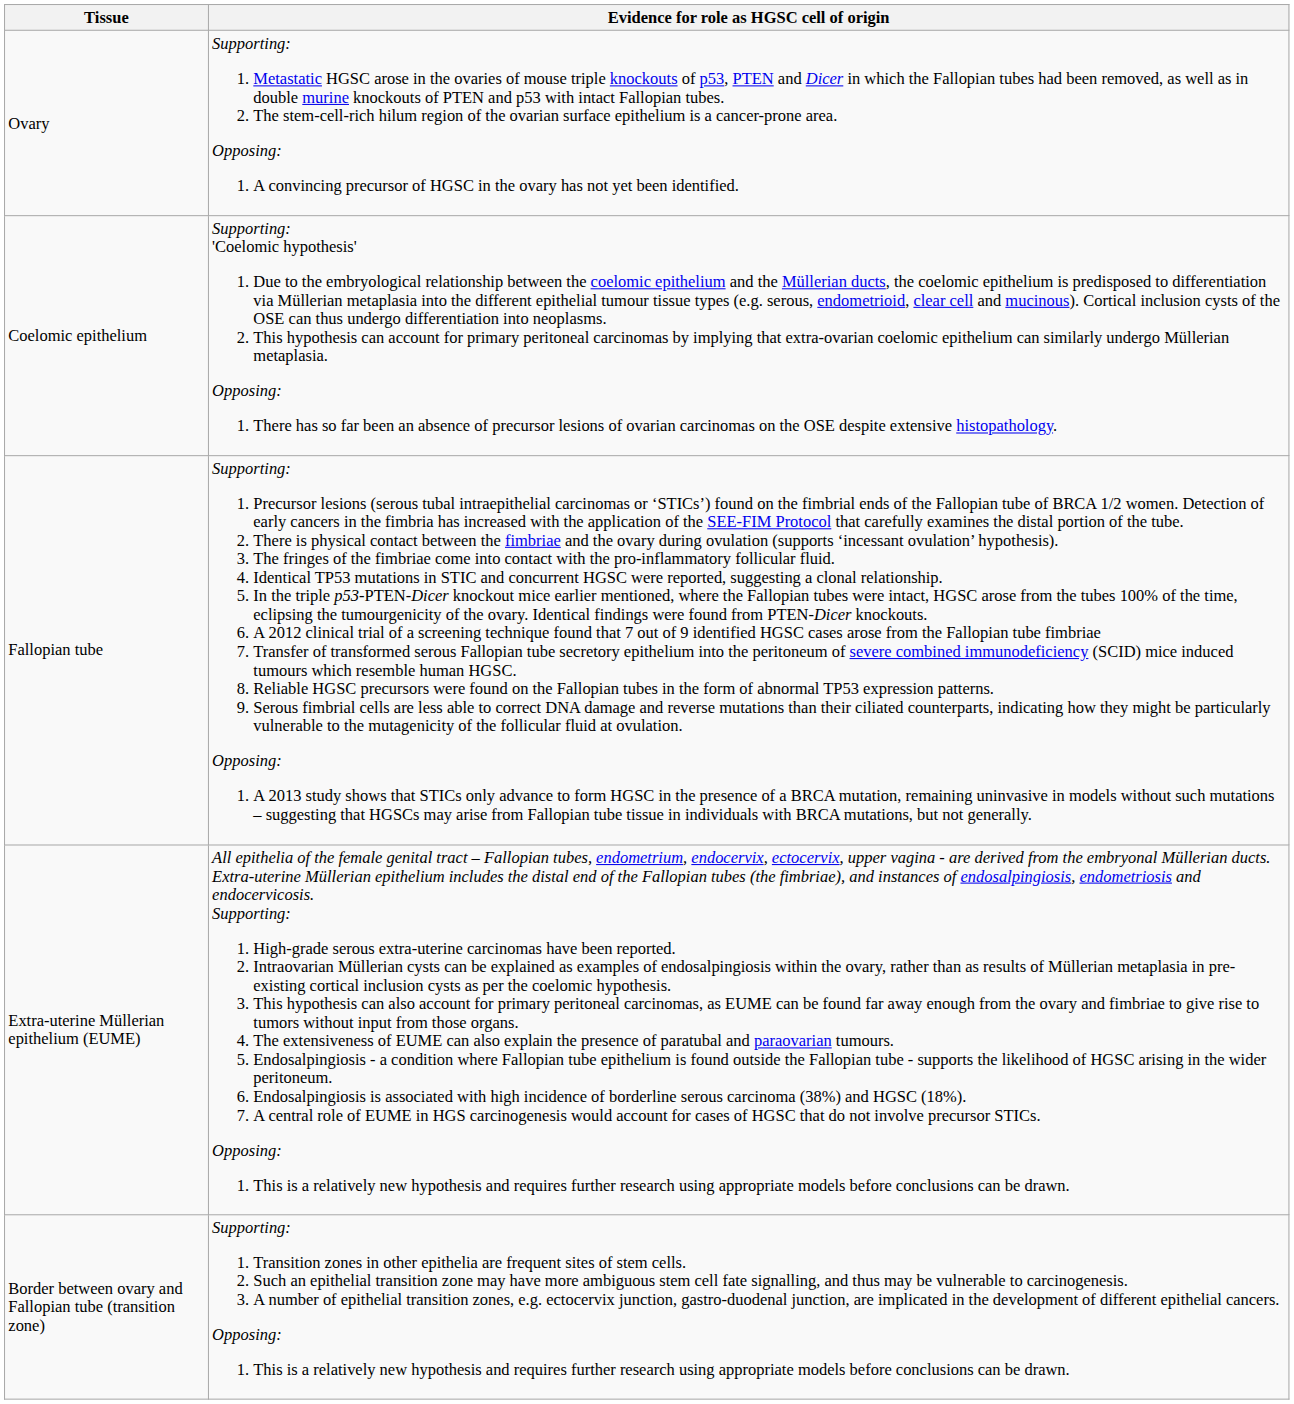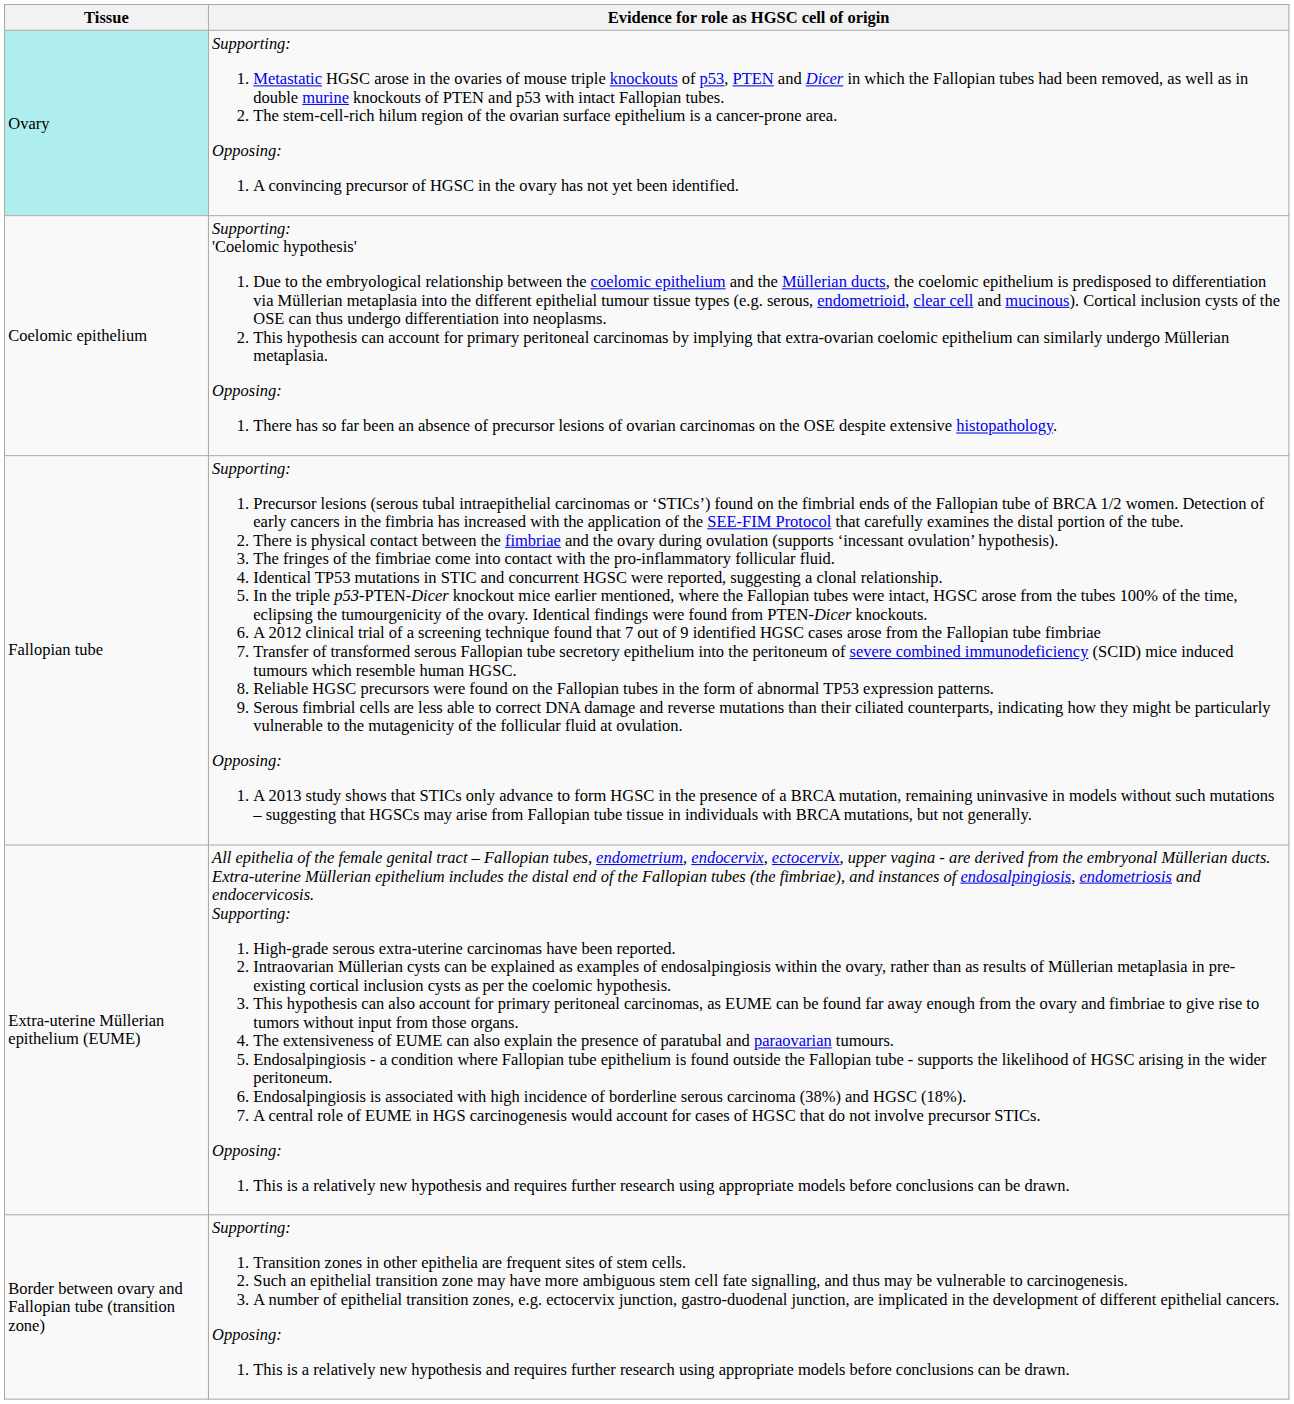 <table class="wikitable">
 <tr>
 <th>Tissue</th>
 <th>Evidence for role as HGSC cell of origin</th>
 </tr>
 <tr>
-<td>Ovary</td>
+<td style="background: paleturquoise;">Ovary</td>
 <td><em>Supporting:</em><br><ol><li><a href='#'>Metastatic</a> HGSC arose in the ovaries of mouse triple <a href='#'>knockouts</a> of <a href='#'>p53</a>, <a href='#'>PTEN</a> and <em><a href='#'>Dicer</a></em> in which the Fallopian tubes had been removed, as well as in double <a href='#'>murine</a> knockouts of PTEN and p53 with intact Fallopian tubes.</li><li>The stem-cell-rich hilum region of the ovarian surface epithelium is a cancer-prone area.</li></ol><em>Opposing:</em><ol><li>A convincing precursor of HGSC in the ovary has not yet been identified.</li></ol></td>
 </tr>
 <tr>
 <td>Coelomic epithelium</td>
 <td><em>Supporting:</em><br>'Coelomic hypothesis' <ol><li>Due to the embryological relationship between the <a href='#'>coelomic epithelium</a> and the <a href='#'>Müllerian ducts</a>, the coelomic epithelium is predisposed to differentiation via Müllerian metaplasia into the different epithelial tumour tissue types (e.g. serous, <a href='#'>endometrioid</a>, <a href='#'>clear cell</a> and <a href='#'>mucinous</a>). Cortical inclusion cysts of the OSE can thus undergo differentiation into neoplasms.</li><li>This hypothesis can account for primary peritoneal carcinomas by implying that extra-ovarian coelomic epithelium can similarly undergo Müllerian metaplasia.</li></ol><em>Opposing:</em><ol><li>There has so far been an absence of precursor lesions of ovarian carcinomas on the OSE despite extensive <a href='#'>histopathology</a>.</li></ol></td>
 </tr>
 <tr>
 <td>Fallopian tube</td>
 <td><em>Supporting:</em><br><ol><li>Precursor lesions (serous tubal intraepithelial carcinomas or ‘STICs’) found on the fimbrial ends of the Fallopian tube of BRCA 1/2 women. Detection of early cancers in the fimbria has increased with the application of the <a href='#'>SEE-FIM Protocol</a> that carefully examines the distal portion of the tube.</li><li>There is physical contact between the <a href='#'>fimbriae</a> and the ovary during ovulation (supports ‘incessant ovulation’ hypothesis).</li><li>The fringes of the fimbriae come into contact with the pro-inflammatory follicular fluid.</li><li>Identical TP53 mutations in STIC and concurrent HGSC were reported, suggesting a clonal relationship.</li><li>In the triple <em>p53</em>-PTEN-<em>Dicer</em> knockout mice earlier mentioned, where the Fallopian tubes were intact, HGSC arose from the tubes 100% of the time, eclipsing the tumourgenicity of the ovary. Identical findings were found from PTEN-<em>Dicer</em> knockouts.</li><li>A 2012 clinical trial of a screening technique found that 7 out of 9 identified HGSC cases arose from the Fallopian tube fimbriae</li><li>Transfer of transformed serous Fallopian tube secretory epithelium into the peritoneum of <a href='#'>severe combined immunodeficiency</a> (SCID) mice induced tumours which resemble human HGSC.</li><li>Reliable HGSC precursors were found on the Fallopian tubes in the form of abnormal TP53 expression patterns.</li><li>Serous fimbrial cells are less able to correct DNA damage and reverse mutations than their ciliated counterparts, indicating how they might be particularly vulnerable to the mutagenicity of the follicular fluid at ovulation.</li></ol><em>Opposing:</em><ol><li>A 2013 study shows that STICs only advance to form HGSC in the presence of a BRCA mutation, remaining uninvasive in models without such mutations – suggesting that HGSCs may arise from Fallopian tube tissue in individuals with BRCA mutations, but not generally.</li></ol></td>
 </tr>
 <tr>
 <td>Extra-uterine Müllerian epithelium (EUME)</td>
 <td><em>All epithelia of the female genital tract – Fallopian tubes, <a href='#'>endometrium</a>, <a href='#'>endocervix</a>, <a href='#'>ectocervix</a>, upper vagina - are derived from the embryonal Müllerian ducts. Extra-uterine Müllerian epithelium includes the distal end of the Fallopian tubes (the fimbriae), and instances of <a href='#'>endosalpingiosis</a>, <a href='#'>endometriosis</a> and endocervicosis.</em><br><em>Supporting:</em><ol><li>High-grade serous extra-uterine carcinomas have been reported.</li><li>Intraovarian Müllerian cysts can be explained as examples of endosalpingiosis within the ovary, rather than as results of Müllerian metaplasia in pre-existing cortical inclusion cysts as per the coelomic hypothesis.</li><li>This hypothesis can also account for primary peritoneal carcinomas, as EUME can be found far away enough from the ovary and fimbriae to give rise to tumors without input from those organs.</li><li>The extensiveness of EUME can also explain the presence of paratubal and <a href='#'>paraovarian</a> tumours.</li><li>Endosalpingiosis - a condition where Fallopian tube epithelium is found outside the Fallopian tube - supports the likelihood of HGSC arising in the wider peritoneum.</li><li>Endosalpingiosis is associated with high incidence of borderline serous carcinoma (38%) and HGSC (18%).</li><li>A central role of EUME in HGS carcinogenesis would account for cases of HGSC that do not involve precursor STICs.</li></ol><em>Opposing:</em><ol><li>This is a relatively new hypothesis and requires further research using appropriate models before conclusions can be drawn.</li></ol></td>
 </tr>
 <tr>
 <td>Border between ovary and Fallopian tube (transition zone)</td>
 <td><em>Supporting:</em><br><ol><li>Transition zones in other epithelia are frequent sites of stem cells.</li><li>Such an epithelial transition zone may have more ambiguous stem cell fate signalling, and thus may be vulnerable to carcinogenesis.</li><li>A number of epithelial transition zones, e.g. ectocervix junction, gastro-duodenal junction, are implicated in the development of different epithelial cancers.</li></ol><em>Opposing:</em><ol><li>This is a relatively new hypothesis and requires further research using appropriate models before conclusions can be drawn.</li></ol></td>
 </tr>
 </table>
